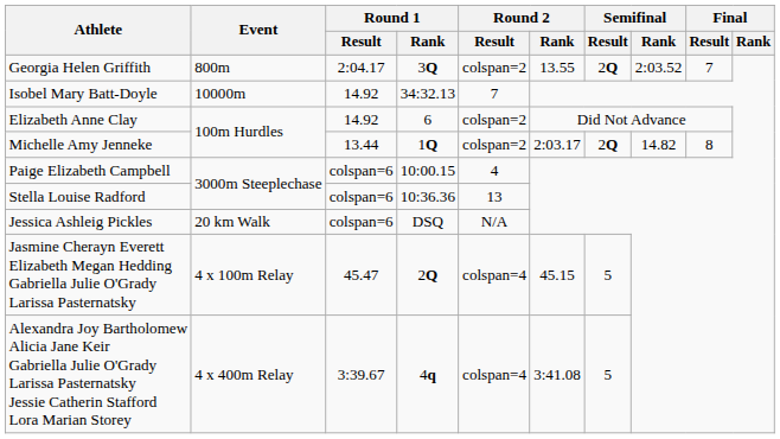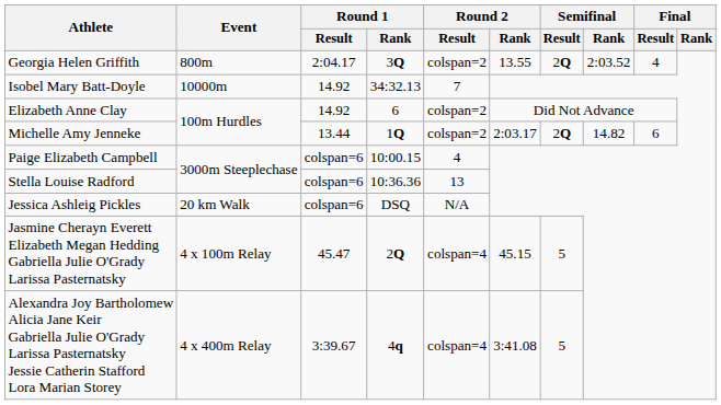 <table class="wikitable" style="font-size:90%">
 <tr>
 <th rowspan="2">Athlete</th>
 <th rowspan="2">Event</th>
 <th colspan="2">Round 1</th>
 <th colspan="2">Round 2</th>
 <th colspan="2">Semifinal</th>
 <th colspan="2">Final</th>
 </tr>
 <tr style="font-size:95%">
 <th>Result</th>
 <th>Rank</th>
 <th>Result</th>
 <th>Rank</th>
 <th>Result</th>
 <th>Rank</th>
 <th>Result</th>
 <th>Rank</th>
 </tr>
 <tr align=center>
 <td align=left>Georgia Helen Griffith</td>
 <td align=left>800m</td>
 <td>2:04.17</td>
 <td>3<strong>Q</strong></td>
 <td>colspan=2 </td>
 <td>13.55</td>
 <td>2<strong>Q</strong></td>
 <td>2:03.52</td>
-<td>7</td>
+<td>4</td>
 </tr>
 <tr align=center>
 <td align=left>Isobel Mary Batt-Doyle</td>
 <td align=left>10000m</td>
 <td>14.92</td>
 <td>34:32.13</td>
 <td>7</td>
 </tr>
 <tr align=center>
 <td align=left>Elizabeth Anne Clay</td>
 <td align=left rowspan=2>100m Hurdles</td>
 <td>14.92</td>
 <td>6</td>
 <td>colspan=2 </td>
 <td colspan=4>Did Not Advance</td>
 </tr>
 <tr align=center>
 <td align=left>Michelle Amy Jenneke</td>
 <td>13.44</td>
 <td>1<strong>Q</strong></td>
 <td>colspan=2 </td>
 <td>2:03.17</td>
 <td>2<strong>Q</strong></td>
 <td>14.82</td>
-<td>8</td>
+<td>6</td>
 </tr>
 <tr align=center>
 <td align=left>Paige Elizabeth Campbell</td>
 <td align=left rowspan=2>3000m Steeplechase</td>
 <td>colspan=6 </td>
 <td>10:00.15</td>
 <td>4</td>
 </tr>
 <tr align=center>
 <td align=left>Stella Louise Radford</td>
 <td>colspan=6 </td>
 <td>10:36.36</td>
 <td>13</td>
 </tr>
 <tr align=center>
 <td align=left>Jessica Ashleig Pickles</td>
 <td align=left>20 km Walk</td>
 <td>colspan=6 </td>
 <td>DSQ</td>
 <td>N/A</td>
 </tr>
 <tr align=center>
 <td align=left>Jasmine Cherayn Everett<br>Elizabeth Megan Hedding<br>Gabriella Julie O'Grady<br>Larissa Pasternatsky</td>
 <td align=left>4 x 100m Relay</td>
 <td>45.47</td>
 <td>2<strong>Q</strong></td>
 <td>colspan=4 </td>
 <td>45.15</td>
 <td>5</td>
 </tr>
 <tr align=center>
 <td align=left>Alexandra Joy Bartholomew<br>Alicia Jane Keir<br>Gabriella Julie O'Grady<br>Larissa Pasternatsky<br>Jessie Catherin Stafford<br>Lora Marian Storey</td>
 <td align=left>4 x 400m Relay</td>
 <td>3:39.67</td>
 <td>4<strong>q</strong></td>
 <td>colspan=4 </td>
 <td>3:41.08</td>
 <td>5</td>
 </tr>
 </table>
